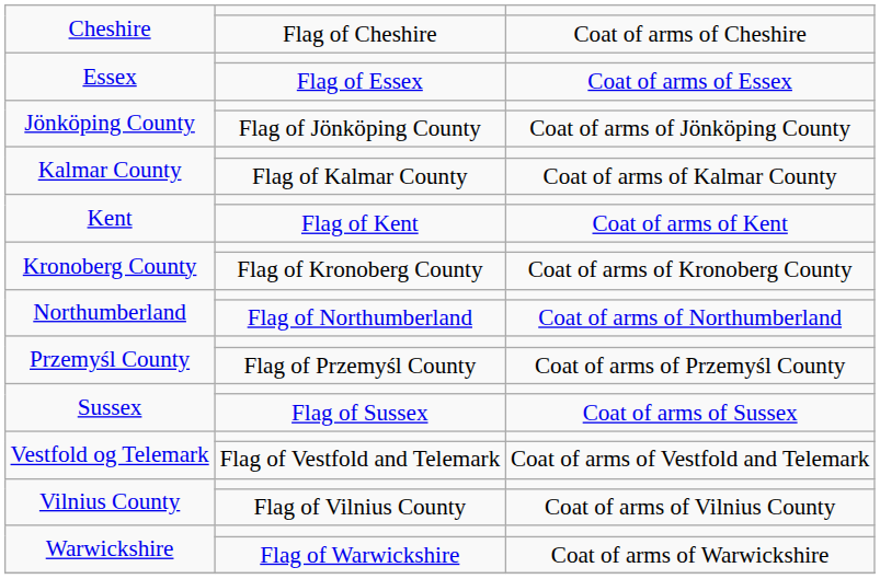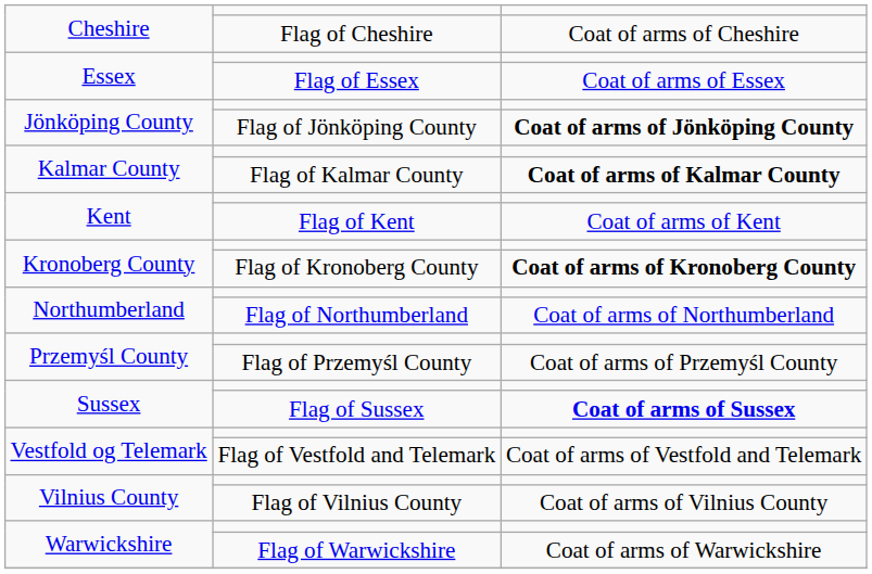 <table class="wikitable" style=text-align:center;>
 <tr>
 <td rowspan=2><a href='#'>Cheshire</a></td>
 <td></td>
 <td></td>
 </tr>
 <tr>
 <td>Flag of Cheshire</td>
 <td>Coat of arms of Cheshire</td>
 </tr>
 <tr>
 <td rowspan=2><a href='#'>Essex</a></td>
 <td></td>
 <td></td>
 </tr>
 <tr>
 <td><a href='#'>Flag of Essex</a></td>
 <td><a href='#'>Coat of arms of Essex</a></td>
 </tr>
 <tr>
 <td rowspan=2><a href='#'>Jönköping County</a></td>
 <td></td>
 <td></td>
 </tr>
 <tr>
 <td>Flag of Jönköping County</td>
-<td>Coat of arms of Jönköping County</td>
+<td><strong>Coat of arms of Jönköping County</strong></td>
 </tr>
 <tr>
 <td rowspan=2><a href='#'>Kalmar County</a></td>
 <td></td>
 <td></td>
 </tr>
 <tr>
 <td>Flag of Kalmar County</td>
-<td>Coat of arms of Kalmar County</td>
+<td><strong>Coat of arms of Kalmar County</strong></td>
 </tr>
 <tr>
 <td rowspan=2><a href='#'>Kent</a></td>
 <td></td>
 <td></td>
 </tr>
 <tr>
 <td><a href='#'>Flag of Kent</a></td>
 <td><a href='#'>Coat of arms of Kent</a></td>
 </tr>
 <tr>
 <td rowspan=2><a href='#'>Kronoberg County</a></td>
 <td></td>
 <td></td>
 </tr>
 <tr>
 <td>Flag of Kronoberg County</td>
-<td>Coat of arms of Kronoberg County</td>
+<td><strong>Coat of arms of Kronoberg County</strong></td>
 </tr>
 <tr>
 <td rowspan=2><a href='#'>Northumberland</a></td>
 <td></td>
 <td></td>
 </tr>
 <tr>
 <td><a href='#'>Flag of Northumberland</a></td>
 <td><a href='#'>Coat of arms of Northumberland</a></td>
 </tr>
 <tr>
 <td rowspan=2><a href='#'>Przemyśl County</a></td>
 <td></td>
 <td></td>
 </tr>
 <tr>
 <td>Flag of Przemyśl County</td>
 <td>Coat of arms of Przemyśl County</td>
 </tr>
 <tr>
 <td rowspan=2><a href='#'>Sussex</a></td>
 <td></td>
 <td></td>
 </tr>
 <tr>
 <td><a href='#'>Flag of Sussex</a></td>
-<td><a href='#'>Coat of arms of Sussex</a></td>
+<td><strong><a href='#'>Coat of arms of Sussex</a></strong></td>
 </tr>
 <tr>
 <td rowspan=2><a href='#'>Vestfold og Telemark</a></td>
 <td></td>
 <td></td>
 </tr>
 <tr>
 <td>Flag of Vestfold and Telemark</td>
 <td>Coat of arms of Vestfold and Telemark</td>
 </tr>
 <tr>
 <td rowspan=2><a href='#'>Vilnius County</a></td>
 <td></td>
 <td></td>
 </tr>
 <tr>
 <td>Flag of Vilnius County</td>
 <td>Coat of arms of Vilnius County</td>
 </tr>
 <tr>
 <td rowspan=2><a href='#'>Warwickshire</a></td>
 <td></td>
 <td></td>
 </tr>
 <tr>
 <td><a href='#'>Flag of Warwickshire</a></td>
 <td>Coat of arms of Warwickshire</td>
 </tr>
 <tr>
 </tr>
 </table>
